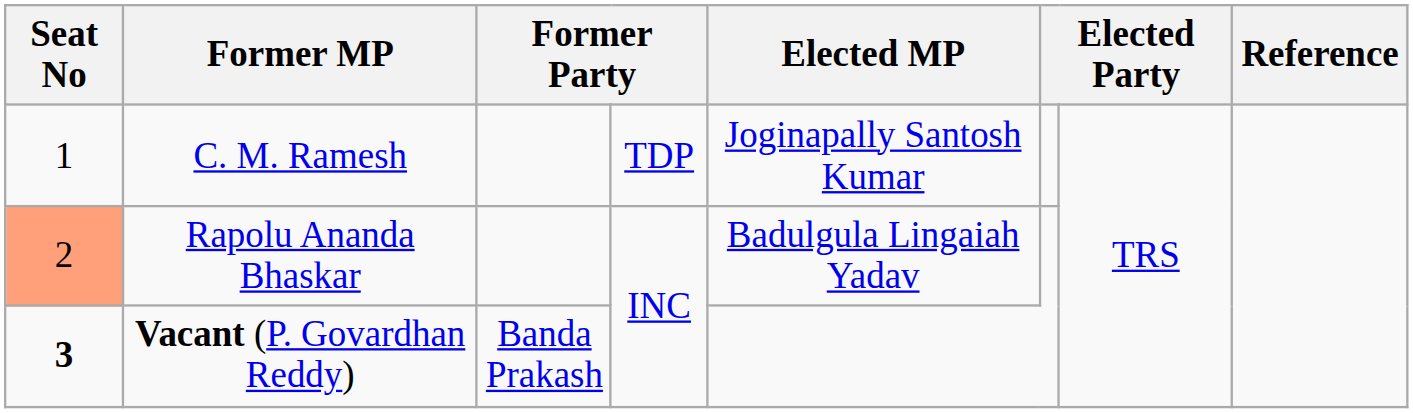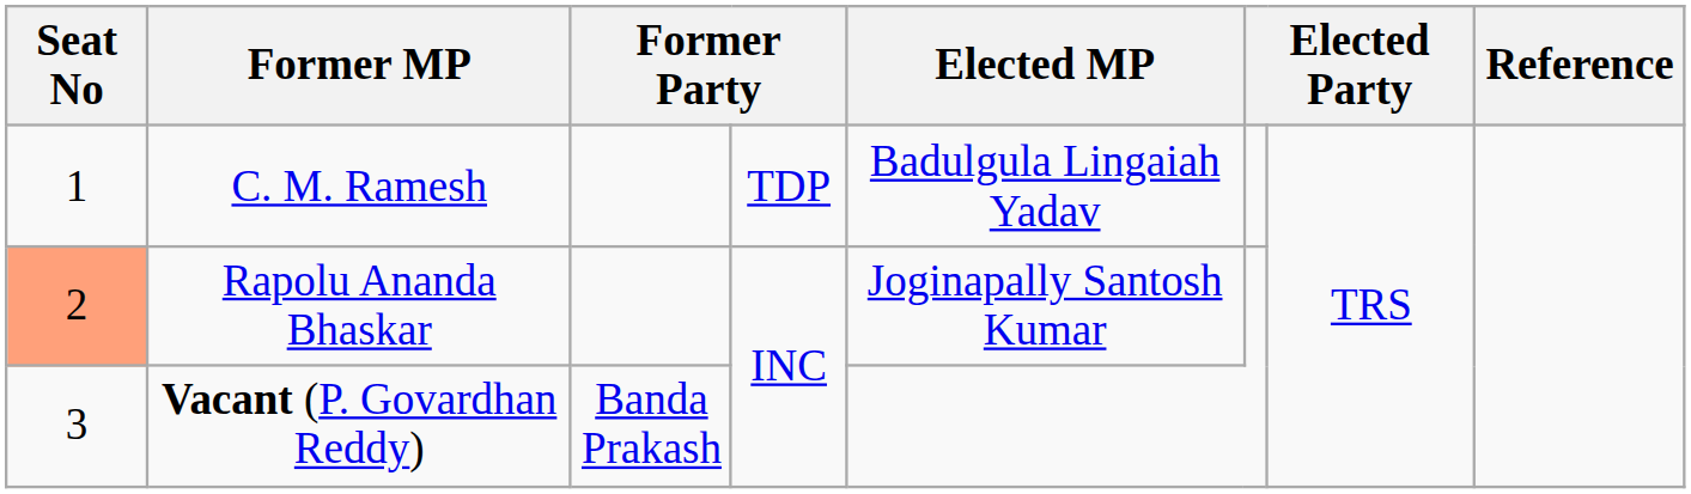 <table class="wikitable">
 <tr>
 <th>Seat No</th>
 <th>Former MP</th>
 <th colspan=2>Former Party</th>
 <th>Elected MP</th>
 <th colspan=2>Elected Party</th>
 <th>Reference</th>
 </tr>
 <tr style="text-align:center;">
 <td>1</td>
 <td><a href='#'>C. M. Ramesh</a></td>
 <td width="1px"></td>
 <td><a href='#'>TDP</a></td>
-<td><a href='#'>Joginapally Santosh Kumar</a></td>
+<td><a href='#'>Badulgula Lingaiah Yadav</a></td>
 <td width="1px"></td>
 <td rowspan=3><a href='#'>TRS</a></td>
 <td rowspan=3></td>
 </tr>
 <tr style="text-align:center;">
 <td style="background: lightsalmon;">2</td>
 <td><a href='#'>Rapolu Ananda Bhaskar</a></td>
 <td width="1px"></td>
 <td rowspan=2><a href='#'>INC</a></td>
-<td><a href='#'>Badulgula Lingaiah Yadav</a></td>
+<td><a href='#'>Joginapally Santosh Kumar</a></td>
 </tr>
 <tr style="text-align:center;">
-<td><strong>3</strong></td>
+<td>3</td>
 <td><strong>Vacant</strong> (<a href='#'>P. Govardhan Reddy</a>)</td>
 <td><a href='#'>Banda Prakash</a></td>
 </tr>
 </table>
